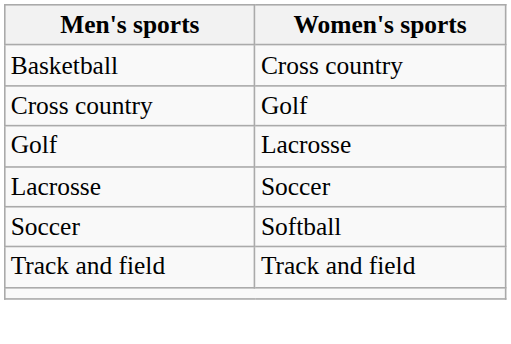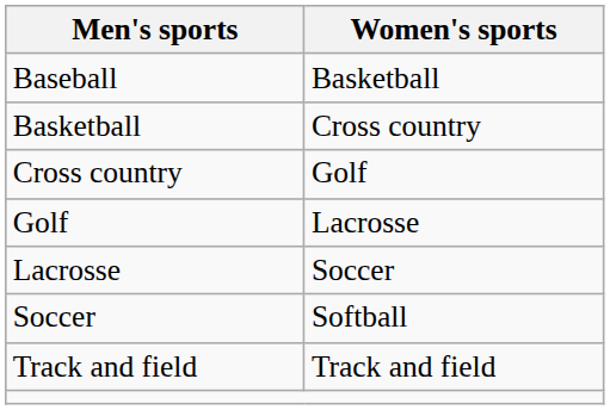 <table class="wikitable"; style= "text-align: ">
 <tr>
 <th width=150px>Men's sports</th>
 <th width=150px>Women's sports</th>
+</tr>
+<tr>
+<td>Baseball</td>
+<td>Basketball</td>
 </tr>
 <tr>
 <td>Basketball</td>
 <td>Cross country</td>
 </tr>
 <tr>
 <td>Cross country</td>
 <td>Golf</td>
 </tr>
 <tr>
 <td>Golf</td>
 <td>Lacrosse</td>
 </tr>
 <tr>
 <td>Lacrosse</td>
 <td>Soccer</td>
 </tr>
 <tr>
 <td>Soccer</td>
 <td>Softball</td>
 </tr>
 <tr>
 <td>Track and field</td>
 <td>Track and field</td>
 </tr>
 <tr>
 <td colspan=2></td>
 </tr>
 </table>
